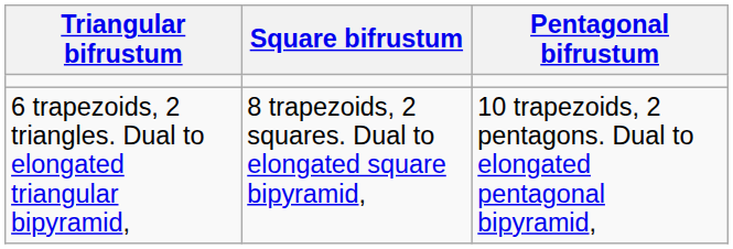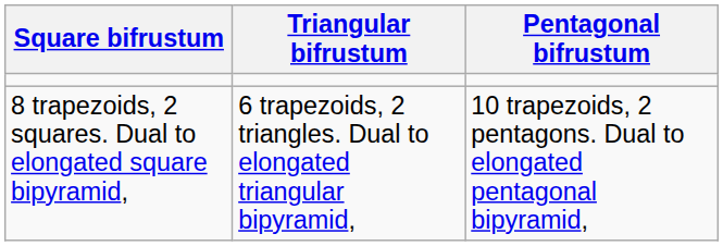 <table class=wikitable width=450>
 <tr>
+<th><a href='#'>Square bifrustum</a></th>
 <th><a href='#'>Triangular bifrustum</a></th>
-<th><a href='#'>Square bifrustum</a></th>
 <th><a href='#'>Pentagonal bifrustum</a></th>
 </tr>
 <tr align=center>
 <td></td>
 <td></td>
 <td></td>
 </tr>
 <tr valign=top>
+<td>8 trapezoids, 2 squares. Dual to <a href='#'>elongated square bipyramid</a>, </td>
 <td>6 trapezoids, 2 triangles. Dual to <a href='#'>elongated triangular bipyramid</a>, </td>
-<td>8 trapezoids, 2 squares. Dual to <a href='#'>elongated square bipyramid</a>, </td>
 <td>10 trapezoids, 2 pentagons. Dual to <a href='#'>elongated pentagonal bipyramid</a>, </td>
 </tr>
 </table>
